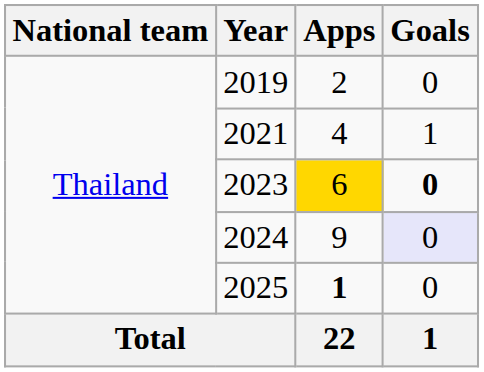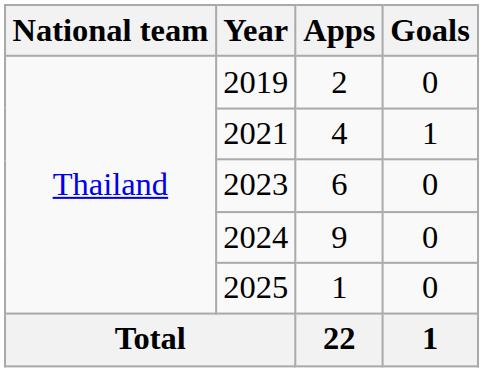 <table class="wikitable" style="text-align:center">
 <tr>
 <th>National team</th>
 <th>Year</th>
 <th>Apps</th>
 <th>Goals</th>
 </tr>
 <tr>
 <td rowspan="5" valign="center"><a href='#'>Thailand</a></td>
 <td>2019</td>
 <td>2</td>
 <td>0</td>
 </tr>
 <tr>
 <td>2021</td>
 <td>4</td>
 <td>1</td>
 </tr>
 <tr>
 <td>2023</td>
-<td style="background: gold;">6</td>
-<td><strong>0</strong></td>
+<td>6</td>
+<td>0</td>
 </tr>
 <tr>
 <td>2024</td>
 <td>9</td>
-<td style="background: lavender;">0</td>
+<td>0</td>
 </tr>
 <tr>
 <td>2025</td>
-<td><strong>1</strong></td>
+<td>1</td>
 <td>0</td>
 </tr>
 <tr>
 <th colspan=2>Total</th>
 <th>22</th>
 <th>1</th>
 </tr>
 </table>
